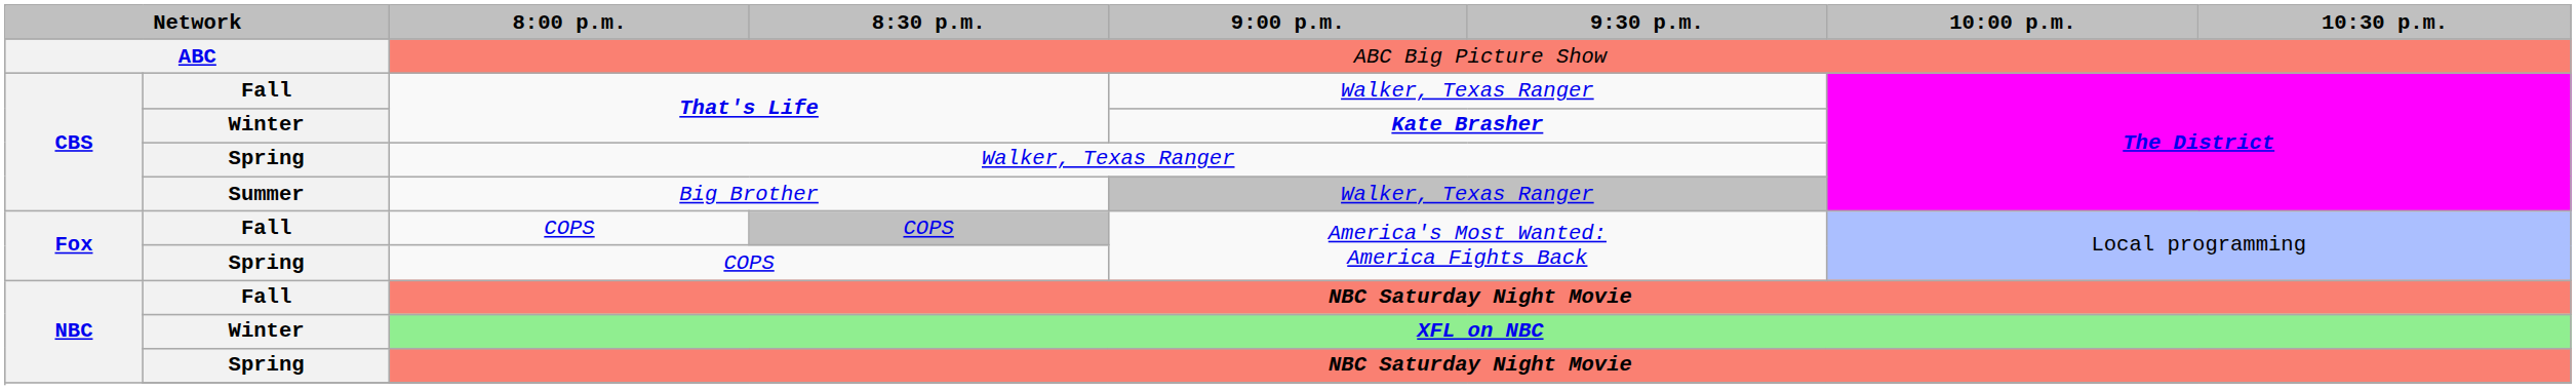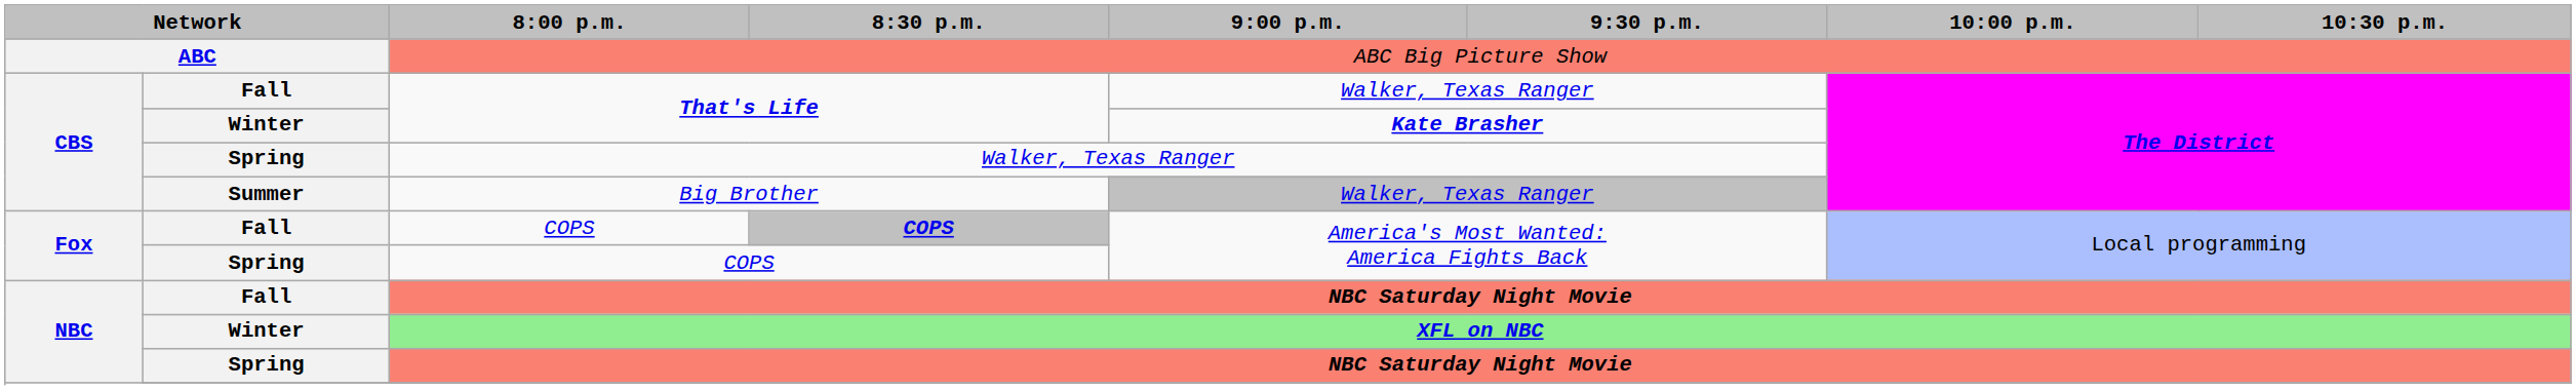 <table class="wikitable" style="width:100%;margin-right:0;text-align:center">
 <tr>
 <th colspan="2" style="background-color:#C0C0C0;text-align:center;width:15%;">Network</th>
 <th style="background-color:#C0C0C0;text-align:center;width:14%;">8:00 p.m.</th>
 <th style="background-color:#C0C0C0;text-align:center;width:14%;">8:30 p.m.</th>
 <th style="background-color:#C0C0C0;text-align:center;width:14%;">9:00 p.m.</th>
 <th style="background-color:#C0C0C0;text-align:center;width:14%;">9:30 p.m.</th>
 <th style="background-color:#C0C0C0;text-align:center">10:00 p.m.</th>
 <th style="background-color:#C0C0C0;text-align:center">10:30 p.m.</th>
 </tr>
 <tr>
 <th colspan="2"><a href='#'>ABC</a></th>
 <td style="background:#FA8072;" colspan="6"><em>ABC Big Picture Show</em></td>
 </tr>
 <tr>
 <th rowspan="4"><a href='#'>CBS</a></th>
 <th>Fall</th>
 <td rowspan="2" colspan="2"><strong><em><a href='#'>That's Life</a></em></strong></td>
 <td colspan="2"><em><a href='#'>Walker, Texas Ranger</a></em></td>
 <td style="background:#FF00FF;" rowspan="4" colspan="2"><strong><em><a href='#'>The District</a></em></strong> </td>
 </tr>
 <tr>
 <th>Winter</th>
 <td colspan="2"><strong><em><a href='#'>Kate Brasher</a></em></strong></td>
 </tr>
 <tr>
 <th>Spring</th>
 <td colspan="4"><em><a href='#'>Walker, Texas Ranger</a></em></td>
 </tr>
 <tr>
 <th>Summer</th>
 <td colspan="2"><em><a href='#'>Big Brother</a></em></td>
 <td colspan="2" style="background:#C0C0C0;"><em><a href='#'>Walker, Texas Ranger</a></em> </td>
 </tr>
 <tr>
 <th rowspan="2"><a href='#'>Fox</a></th>
 <th>Fall</th>
 <td><em><a href='#'>COPS</a></em></td>
-<td style="background:#C0C0C0;"><em><a href='#'>COPS</a></em> </td>
+<td style="background:#C0C0C0;"><strong><em><a href='#'>COPS</a></em> </strong></td>
 <td colspan="2" rowspan="2"><em><a href='#'>America's Most Wanted:<br>America Fights Back</a></em></td>
 <td style="background:#abbfff;" colspan="2" rowspan="2">Local programming</td>
 </tr>
 <tr>
 <th>Spring</th>
 <td colspan="2"><em><a href='#'>COPS</a></em></td>
 </tr>
 <tr>
 <th rowspan="4"><a href='#'>NBC</a></th>
 <th>Fall</th>
 <td style="background:#FA8072;" colspan="6"><strong><em>NBC Saturday Night Movie</em></strong></td>
 </tr>
 <tr>
 <th>Winter</th>
 <td style="background:lightgreen" colspan="6"><strong><em><a href='#'>XFL on NBC</a></em></strong></td>
 </tr>
 <tr>
 <th>Spring</th>
 <td style="background:#FA8072;" colspan="6"><strong><em>NBC Saturday Night Movie</em></strong></td>
 </tr>
 <tr>
 </tr>
 </table>
